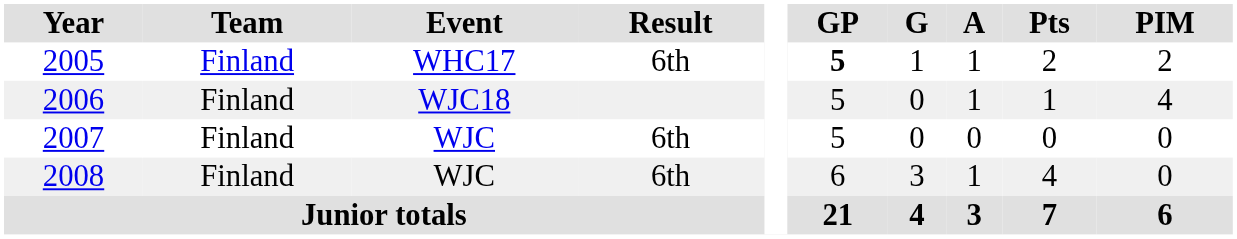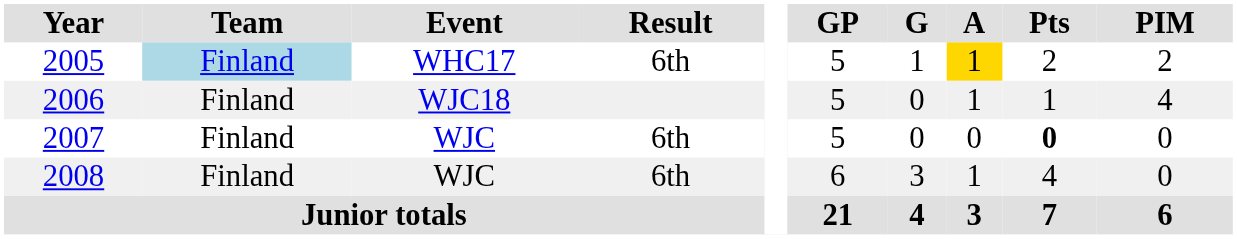 <table border=0 cellpadding=1 cellspacing=0 style="text-align:center; width:40em">
 <tr ALIGN=center bgcolor="#e0e0e0">
 <th>Year</th>
 <th>Team</th>
 <th>Event</th>
 <th>Result</th>
 <th rowspan=99 bgcolor="#ffffff"> </th>
 <th>GP</th>
 <th>G</th>
 <th>A</th>
 <th>Pts</th>
 <th>PIM</th>
 </tr>
 <tr ALIGN=center>
 <td><a href='#'>2005</a></td>
-<td><a href='#'>Finland</a></td>
+<td style="background: lightblue;"><a href='#'>Finland</a></td>
 <td><a href='#'>WHC17</a></td>
 <td>6th</td>
-<td><strong>5</strong></td>
+<td>5</td>
 <td>1</td>
-<td>1</td>
+<td style="background: gold;">1</td>
 <td>2</td>
 <td>2</td>
 </tr>
 <tr ALIGN=center bgcolor="#f0f0f0">
 <td><a href='#'>2006</a></td>
 <td>Finland</td>
 <td><a href='#'>WJC18</a></td>
 <td></td>
 <td>5</td>
 <td>0</td>
 <td>1</td>
 <td>1</td>
 <td>4</td>
 </tr>
 <tr ALIGN=center>
 <td><a href='#'>2007</a></td>
 <td>Finland</td>
 <td><a href='#'>WJC</a></td>
 <td>6th</td>
 <td>5</td>
 <td>0</td>
 <td>0</td>
-<td>0</td>
+<td><strong>0</strong></td>
 <td>0</td>
 </tr>
 <tr ALIGN=center bgcolor="#f0f0f0">
 <td><a href='#'>2008</a></td>
 <td>Finland</td>
 <td>WJC</td>
 <td>6th</td>
 <td>6</td>
 <td>3</td>
 <td>1</td>
 <td>4</td>
 <td>0</td>
 </tr>
 <tr bgcolor="#e0e0e0">
 <th colspan=4>Junior totals</th>
 <th>21</th>
 <th>4</th>
 <th>3</th>
 <th>7</th>
 <th>6</th>
 </tr>
 </table>
